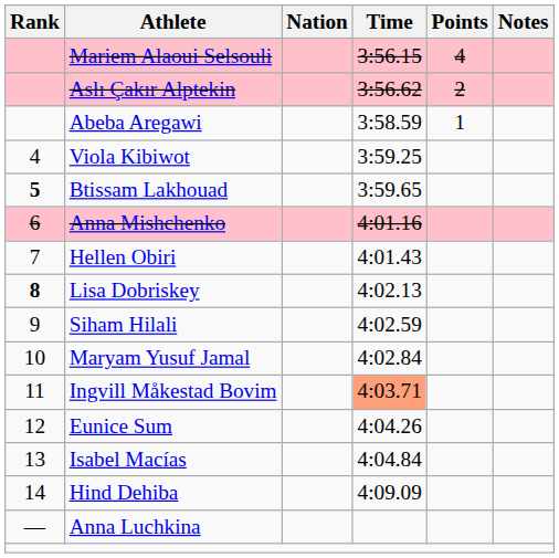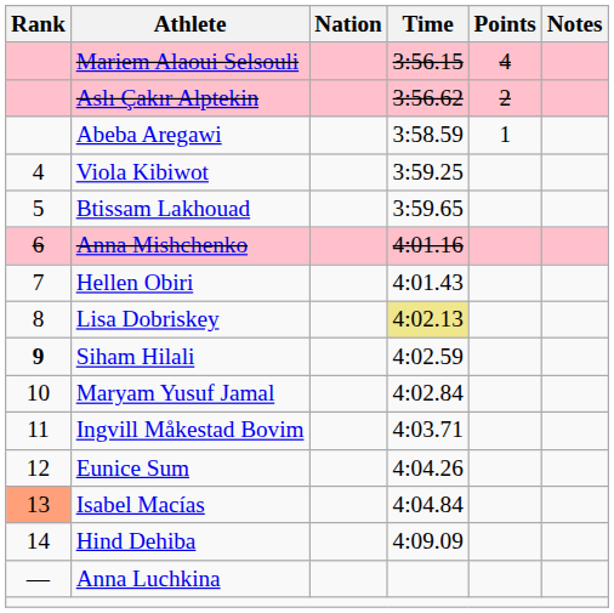 <table class="wikitable mw-datatable sortable" style="text-align:center;">
 <tr>
 <th>Rank</th>
 <th>Athlete</th>
 <th>Nation</th>
 <th>Time</th>
 <th>Points</th>
 <th>Notes</th>
 </tr>
 <tr bgcolor=pink>
 <td></td>
 <td align=left><s><a href='#'>Mariem Alaoui Selsouli</a></s></td>
 <td align=left><s></s></td>
 <td><s>3:56.15</s></td>
 <td><s>4</s></td>
 <td></td>
 </tr>
 <tr bgcolor=pink>
 <td></td>
 <td align=left><s><a href='#'>Aslı Çakır Alptekin</a></s></td>
 <td align=left><s></s></td>
 <td><s>3:56.62</s></td>
 <td><s>2</s></td>
 <td></td>
 </tr>
 <tr>
 <td></td>
 <td align=left><a href='#'>Abeba Aregawi</a></td>
 <td align=left></td>
 <td>3:58.59</td>
 <td>1</td>
 <td></td>
 </tr>
 <tr>
 <td>4</td>
 <td align=left><a href='#'>Viola Kibiwot</a></td>
 <td align=left></td>
 <td>3:59.25</td>
 <td></td>
 <td></td>
 </tr>
 <tr>
-<td><strong>5</strong></td>
+<td>5</td>
 <td align=left><a href='#'>Btissam Lakhouad</a></td>
 <td align=left></td>
 <td>3:59.65</td>
 <td></td>
 <td></td>
 </tr>
 <tr bgcolor=pink>
 <td><s>6</s></td>
 <td align=left><s><a href='#'>Anna Mishchenko</a></s></td>
 <td align=left><s></s></td>
 <td><s>4:01.16</s></td>
 <td></td>
 <td></td>
 </tr>
 <tr>
 <td>7</td>
 <td align=left><a href='#'>Hellen Obiri</a></td>
 <td align=left></td>
 <td>4:01.43</td>
 <td></td>
 <td></td>
 </tr>
 <tr>
-<td><strong>8</strong></td>
+<td>8</td>
 <td align=left><a href='#'>Lisa Dobriskey</a></td>
 <td align=left></td>
-<td>4:02.13</td>
+<td style="background: khaki;">4:02.13</td>
 <td></td>
 <td></td>
 </tr>
 <tr>
-<td>9</td>
+<td><strong>9</strong></td>
 <td align=left><a href='#'>Siham Hilali</a></td>
 <td align=left></td>
 <td>4:02.59</td>
 <td></td>
 <td></td>
 </tr>
 <tr>
 <td>10</td>
 <td align=left><a href='#'>Maryam Yusuf Jamal</a></td>
 <td align=left></td>
 <td>4:02.84</td>
 <td></td>
 <td></td>
 </tr>
 <tr>
 <td>11</td>
 <td align=left><a href='#'>Ingvill Måkestad Bovim</a></td>
 <td align=left></td>
-<td style="background: lightsalmon;">4:03.71</td>
+<td>4:03.71</td>
 <td></td>
 <td></td>
 </tr>
 <tr>
 <td>12</td>
 <td align=left><a href='#'>Eunice Sum</a></td>
 <td align=left></td>
 <td>4:04.26</td>
 <td></td>
 <td></td>
 </tr>
 <tr>
-<td>13</td>
+<td style="background: lightsalmon;">13</td>
 <td align=left><a href='#'>Isabel Macías</a></td>
 <td align=left></td>
 <td>4:04.84</td>
 <td></td>
 <td></td>
 </tr>
 <tr>
 <td>14</td>
 <td align=left><a href='#'>Hind Dehiba</a></td>
 <td align=left></td>
 <td>4:09.09</td>
 <td></td>
 <td></td>
 </tr>
 <tr>
 <td>—</td>
 <td align=left><a href='#'>Anna Luchkina</a></td>
 <td align=left></td>
 <td></td>
 <td></td>
 <td></td>
 </tr>
 <tr class="sortbottom">
 <td colspan=6></td>
 </tr>
 </table>
